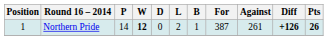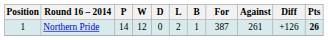 <table class="wikitable" style="text-align:center; font-size:85%;">
 <tr>
 <th width=40 abbr="Position">Position</th>
 <th width=100>Round 16 – 2014</th>
 <th width=20 abbr="Played">P</th>
 <th width=20 abbr="Won">W</th>
 <th width=20 abbr="Drawn">D</th>
 <th width=20 abbr="Lost">L</th>
 <th width=20 abbr="Bye">B</th>
 <th width=40 abbr="Points for">For</th>
 <th width=40 abbr="Points against">Against</th>
 <th width=40 abbr="Points difference">Diff</th>
 <th width=20 abbr="Points">Pts</th>
 </tr>
 <tr style="background: #d7ebed;">
 <td>1</td>
 <td style="text-align:left;"> <a href='#'>Northern Pride</a></td>
 <td>14</td>
-<td><strong>12</strong></td>
+<td>12</td>
 <td>0</td>
 <td>2</td>
 <td>1</td>
 <td>387</td>
 <td>261</td>
-<td><strong>+126</strong></td>
+<td>+126</td>
 <td><strong>26</strong></td>
 </tr>
 <tr>
 </tr>
 </table>
